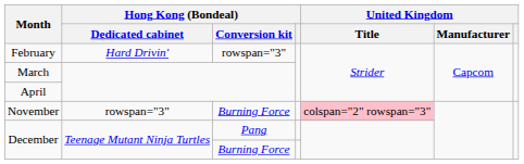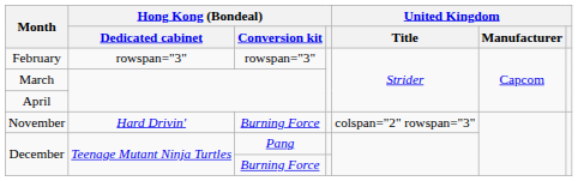 <table class="wikitable sortable" style="text-align:center">
 <tr>
 <th rowspan="2">Month</th>
 <th colspan="3"><a href='#'>Hong Kong</a> (Bondeal)</th>
 <th colspan="3"><a href='#'>United Kingdom</a></th>
 </tr>
 <tr>
 <th><a href='#'>Dedicated cabinet</a></th>
 <th><a href='#'>Conversion kit</a></th>
 <th class="unsortable"></th>
 <th>Title</th>
 <th>Manufacturer</th>
 <th class="unsortable"></th>
 </tr>
 <tr>
 <td>February</td>
-<td><em><a href='#'>Hard Drivin'</a></em></td>
+<td>rowspan="3" </td>
 <td>rowspan="3" </td>
 <td rowspan="3"></td>
 <td rowspan="3"><em><a href='#'>Strider</a></em></td>
 <td rowspan="3"><a href='#'>Capcom</a></td>
 <td rowspan="3"></td>
 </tr>
 <tr>
 <td>March</td>
 </tr>
 <tr>
 <td>April</td>
 </tr>
 <tr>
 <td>November</td>
-<td>rowspan="3" </td>
+<td><em><a href='#'>Hard Drivin'</a></em></td>
 <td><em><a href='#'>Burning Force</a></em></td>
 <td></td>
-<td style="background: pink;">colspan="2" rowspan="3" </td>
+<td>colspan="2" rowspan="3" </td>
 <td rowspan="3"></td>
 </tr>
 <tr>
 <td rowspan="2">December</td>
 <td rowspan="2"><em><a href='#'>Teenage Mutant Ninja Turtles</a></em></td>
 <td><em><a href='#'>Pang</a></em></td>
 <td></td>
 </tr>
 <tr>
 <td><em><a href='#'>Burning Force</a></em></td>
 <td></td>
 </tr>
 </table>
